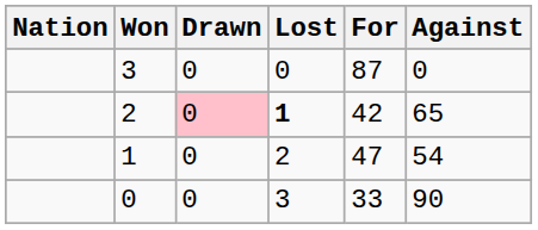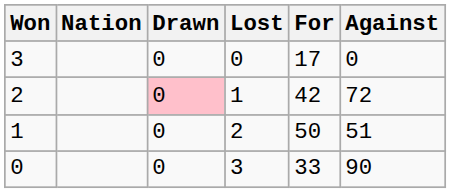 <table class="wikitable">
 <tr>
+<th>Won</th>
 <th>Nation</th>
-<th>Won</th>
 <th>Drawn</th>
 <th>Lost</th>
 <th>For</th>
 <th>Against</th>
 </tr>
 <tr>
+<td>3</td>
 <td></td>
-<td>3</td>
 <td>0</td>
 <td>0</td>
-<td>87</td>
+<td>17</td>
 <td>0</td>
 </tr>
 <tr>
+<td>2</td>
 <td></td>
-<td>2</td>
 <td style="background: pink;">0</td>
-<td><strong>1</strong></td>
+<td>1</td>
 <td>42</td>
-<td>65</td>
+<td>72</td>
 </tr>
 <tr>
+<td>1</td>
 <td></td>
-<td>1</td>
 <td>0</td>
 <td>2</td>
-<td>47</td>
-<td>54</td>
+<td>50</td>
+<td>51</td>
 </tr>
 <tr>
+<td>0</td>
 <td></td>
-<td>0</td>
 <td>0</td>
 <td>3</td>
 <td>33</td>
 <td>90</td>
 </tr>
 </table>
